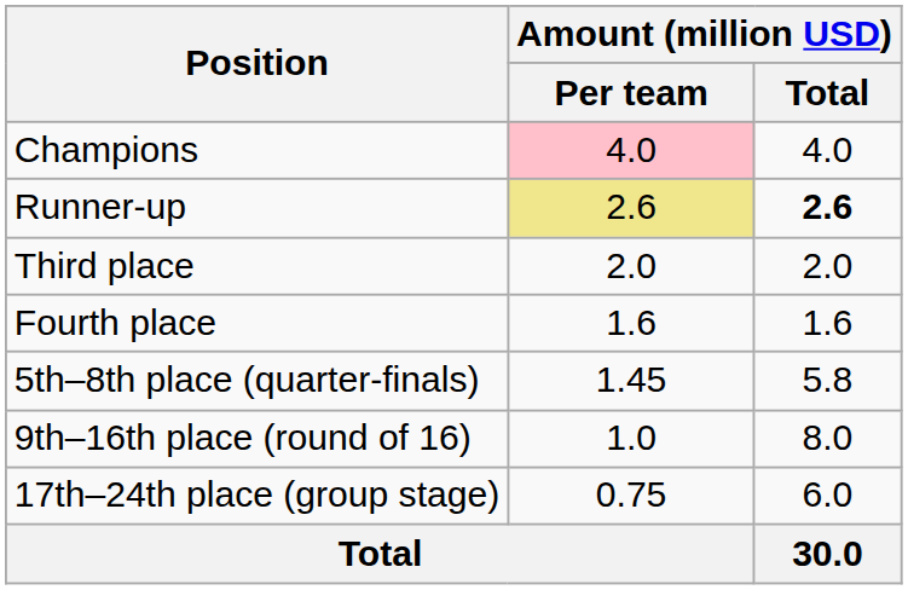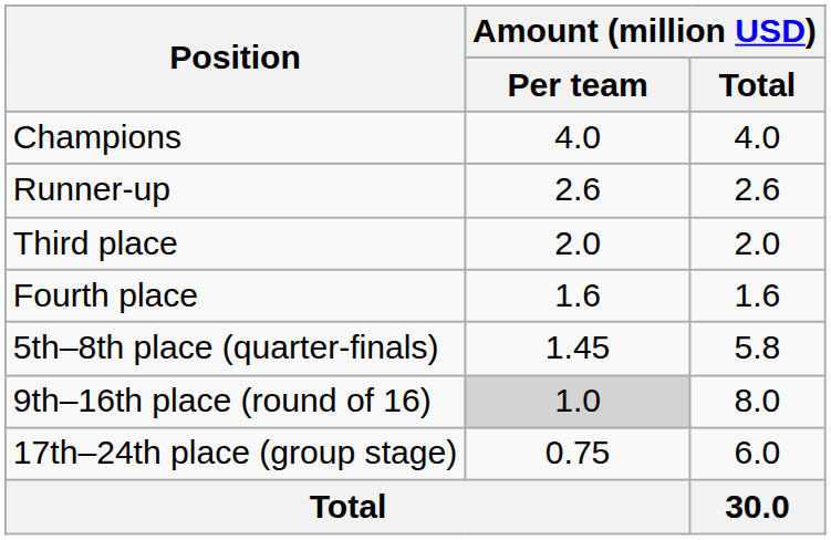 <table class="wikitable" style="text-align:center">
 <tr>
 <th rowspan="2">Position</th>
 <th colspan="2">Amount (million <a href='#'>USD</a>)</th>
 </tr>
 <tr>
 <th>Per team</th>
 <th>Total</th>
 </tr>
 <tr>
 <td align=left>Champions</td>
-<td style="background: pink;">4.0</td>
+<td>4.0</td>
 <td>4.0</td>
 </tr>
 <tr>
 <td align=left>Runner-up</td>
-<td style="background: khaki;">2.6</td>
-<td><strong>2.6</strong></td>
+<td>2.6</td>
+<td>2.6</td>
 </tr>
 <tr>
 <td align=left>Third place</td>
 <td>2.0</td>
 <td>2.0</td>
 </tr>
 <tr>
 <td align=left>Fourth place</td>
 <td>1.6</td>
 <td>1.6</td>
 </tr>
 <tr>
 <td align=left>5th–8th place (quarter-finals)</td>
 <td>1.45</td>
 <td>5.8</td>
 </tr>
 <tr>
 <td align=left>9th–16th place (round of 16)</td>
-<td>1.0</td>
+<td style="background: lightgrey;">1.0</td>
 <td>8.0</td>
 </tr>
 <tr>
 <td align=left>17th–24th place (group stage)</td>
 <td>0.75</td>
 <td>6.0</td>
 </tr>
 <tr>
 <th colspan="2">Total</th>
 <th>30.0</th>
 </tr>
 </table>
